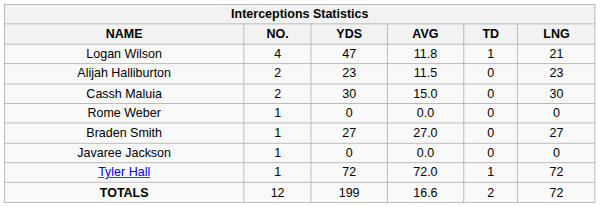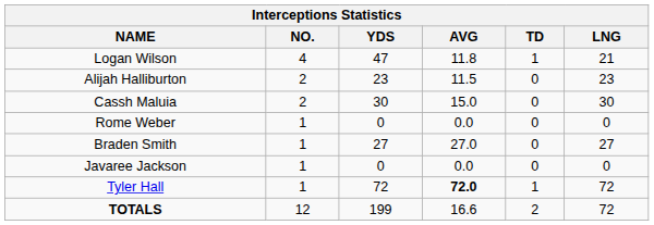 <table style="width:60%; text-align:center;" class="wikitable collapsible collapsed">
 <tr>
 <th colspan="16">Interceptions Statistics</th>
 </tr>
 <tr>
 <th>NAME</th>
 <th>NO.</th>
 <th>YDS</th>
 <th>AVG</th>
 <th>TD</th>
 <th>LNG</th>
 </tr>
 <tr>
 <td>Logan Wilson</td>
 <td>4</td>
 <td>47</td>
 <td>11.8</td>
 <td>1</td>
 <td>21</td>
 </tr>
 <tr>
 <td>Alijah Halliburton</td>
 <td>2</td>
 <td>23</td>
 <td>11.5</td>
 <td>0</td>
 <td>23</td>
 </tr>
 <tr>
 <td>Cassh Maluia</td>
 <td>2</td>
 <td>30</td>
 <td>15.0</td>
 <td>0</td>
 <td>30</td>
 </tr>
 <tr>
 <td>Rome Weber</td>
 <td>1</td>
 <td>0</td>
 <td>0.0</td>
 <td>0</td>
 <td>0</td>
 </tr>
 <tr>
 <td>Braden Smith</td>
 <td>1</td>
 <td>27</td>
 <td>27.0</td>
 <td>0</td>
 <td>27</td>
 </tr>
 <tr>
 <td>Javaree Jackson</td>
 <td>1</td>
 <td>0</td>
 <td>0.0</td>
 <td>0</td>
 <td>0</td>
 </tr>
 <tr>
 <td><a href='#'>Tyler Hall</a></td>
 <td>1</td>
 <td>72</td>
-<td>72.0</td>
+<td><strong>72.0</strong></td>
 <td>1</td>
 <td>72</td>
 </tr>
 <tr>
 <td><strong>TOTALS</strong></td>
 <td>12</td>
 <td>199</td>
 <td>16.6</td>
 <td>2</td>
 <td>72</td>
 </tr>
 </table>
